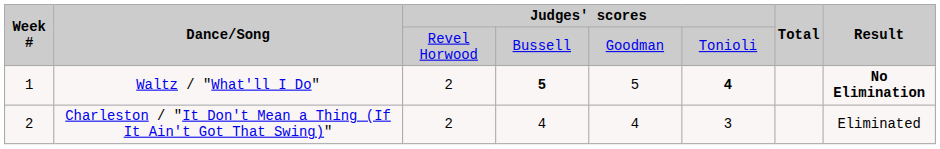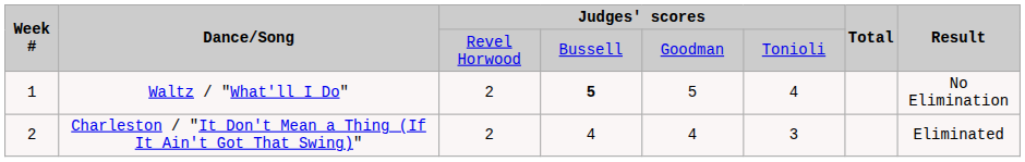 <table class="wikitable collapsible collapsed">
 <tr>
 <th rowspan="2"  style="background:#ccc; text-align:Center;"><strong>Week #</strong></th>
 <th rowspan="2"  style="background:#ccc; text-align:Center;"><strong>Dance</strong>/<strong>Song</strong></th>
 <th colspan="4"  style="background:#ccc; text-align:Center;"><strong>Judges' scores</strong></th>
 <th rowspan="2"  style="background:#ccc; text-align:Center;"><strong>Total</strong></th>
 <th rowspan="2"  style="background:#ccc; text-align:Center;"><strong>Result</strong></th>
 </tr>
 <tr>
 <td style="width:10%; background:#ccc; text-align:center;"><a href='#'>Revel Horwood</a></td>
 <td style="width:10%; background:#ccc; text-align:center;"><a href='#'>Bussell</a></td>
 <td style="width:10%; background:#ccc; text-align:center;"><a href='#'>Goodman</a></td>
 <td style="width:10%; background:#ccc; text-align:center;"><a href='#'>Tonioli</a></td>
 </tr>
 <tr style="text-align:center; background:#faf6f6;">
 <td>1</td>
 <td><a href='#'>Waltz</a> / "<a href='#'>What'll I Do</a>"</td>
 <td>2</td>
 <td><strong>5</strong></td>
 <td>5</td>
-<td><strong>4</strong></td>
+<td>4</td>
 <td></td>
-<td><strong>No Elimination</strong></td>
+<td>No Elimination</td>
 </tr>
 <tr>
 <td style="text-align:center; background:#faf6f6;">2</td>
 <td style="text-align:center; background:#faf6f6;"><a href='#'>Charleston</a> / "<a href='#'>It Don't Mean a Thing (If It Ain't Got That Swing)</a>"</td>
 <td style="text-align:center; background:#faf6f6;">2</td>
 <td style="text-align:center; background:#faf6f6;">4</td>
 <td style="text-align:center; background:#faf6f6;">4</td>
 <td style="text-align:center; background:#faf6f6;">3</td>
 <td style="text-align:center; background:#faf6f6;"></td>
 <td style="text-align:center; background:#faf6f6;">Eliminated</td>
 </tr>
 </table>
